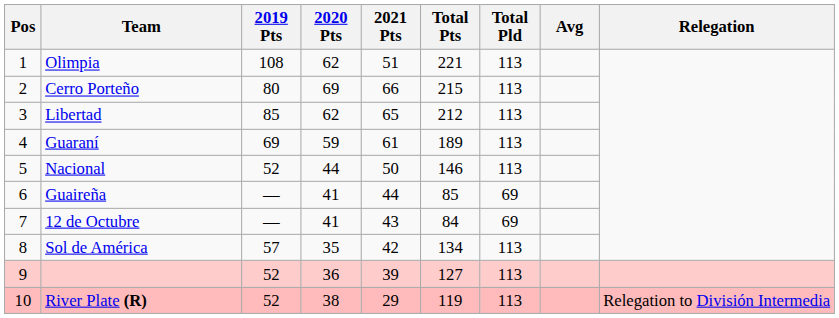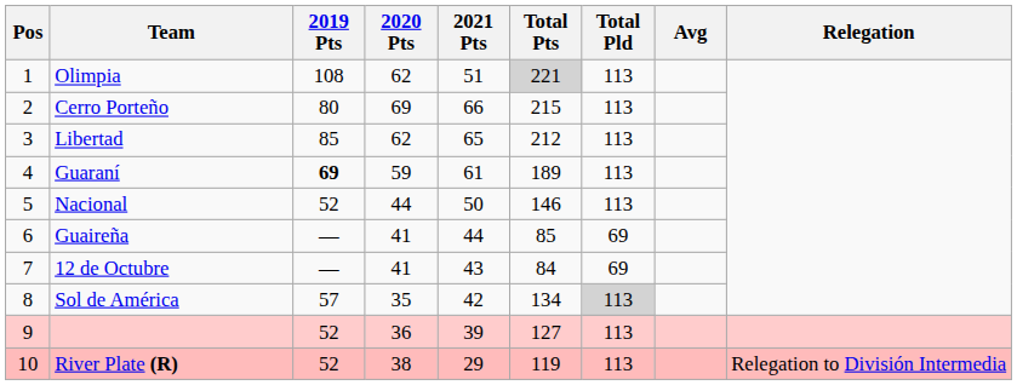 <table class="wikitable" style="text-align:center">
 <tr>
 <th width=28>Pos<br></th>
 <th width=185>Team<br></th>
 <th width=50><a href='#'>2019</a><br>Pts</th>
 <th width=50><a href='#'>2020</a><br>Pts</th>
 <th width=50>2021<br>Pts</th>
 <th width=50>Total<br>Pts</th>
 <th width=50>Total<br>Pld</th>
 <th width=50>Avg</th>
 <th>Relegation</th>
 </tr>
 <tr>
 <td>1</td>
 <td align="left"><a href='#'>Olimpia</a></td>
 <td>108</td>
 <td>62</td>
 <td>51</td>
-<td>221</td>
+<td style="background: lightgrey;">221</td>
 <td>113</td>
 <td><strong></strong></td>
 <td rowspan=8></td>
 </tr>
 <tr>
 <td>2</td>
 <td align="left"><a href='#'>Cerro Porteño</a></td>
 <td>80</td>
 <td>69</td>
 <td>66</td>
 <td>215</td>
 <td>113</td>
 <td><strong></strong></td>
 </tr>
 <tr>
 <td>3</td>
 <td align="left"><a href='#'>Libertad</a></td>
 <td>85</td>
 <td>62</td>
 <td>65</td>
 <td>212</td>
 <td>113</td>
 <td><strong></strong></td>
 </tr>
 <tr>
 <td>4</td>
 <td align="left"><a href='#'>Guaraní</a></td>
-<td>69</td>
+<td><strong>69</strong></td>
 <td>59</td>
 <td>61</td>
 <td>189</td>
 <td>113</td>
 <td><strong></strong></td>
 </tr>
 <tr>
 <td>5</td>
 <td align="left"><a href='#'>Nacional</a></td>
 <td>52</td>
 <td>44</td>
 <td>50</td>
 <td>146</td>
 <td>113</td>
 <td><strong></strong></td>
 </tr>
 <tr>
 <td>6</td>
 <td align="left"><a href='#'>Guaireña</a></td>
 <td>—</td>
 <td>41</td>
 <td>44</td>
 <td>85</td>
 <td>69</td>
 <td><strong></strong></td>
 </tr>
 <tr>
 <td>7</td>
 <td align="left"><a href='#'>12 de Octubre</a></td>
 <td>—</td>
 <td>41</td>
 <td>43</td>
 <td>84</td>
 <td>69</td>
 <td><strong></strong></td>
 </tr>
 <tr>
 <td>8</td>
 <td align="left"><a href='#'>Sol de América</a></td>
 <td>57</td>
 <td>35</td>
 <td>42</td>
 <td>134</td>
-<td>113</td>
+<td style="background: lightgrey;">113</td>
 <td><strong></strong></td>
 </tr>
 <tr bgcolor=#FFCCCC>
 <td>9</td>
 <td align="left"></td>
 <td>52</td>
 <td>36</td>
 <td>39</td>
 <td>127</td>
 <td>113</td>
 <td><strong></strong></td>
 <td></td>
 </tr>
 <tr bgcolor=#FFBBBB>
 <td>10</td>
 <td align="left"><a href='#'>River Plate</a> <strong>(R)</strong></td>
 <td>52</td>
 <td>38</td>
 <td>29</td>
 <td>119</td>
 <td>113</td>
 <td><strong></strong></td>
 <td>Relegation to <a href='#'>División Intermedia</a></td>
 </tr>
 </table>
